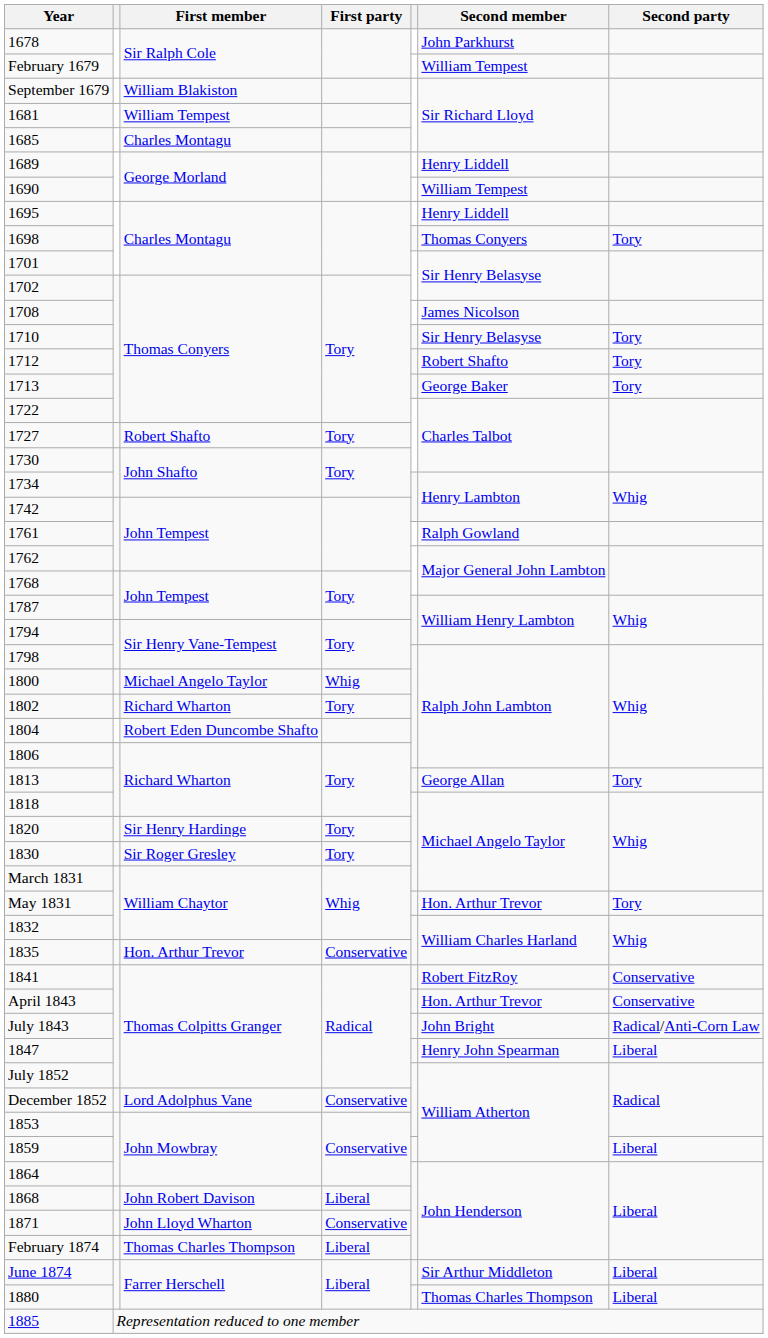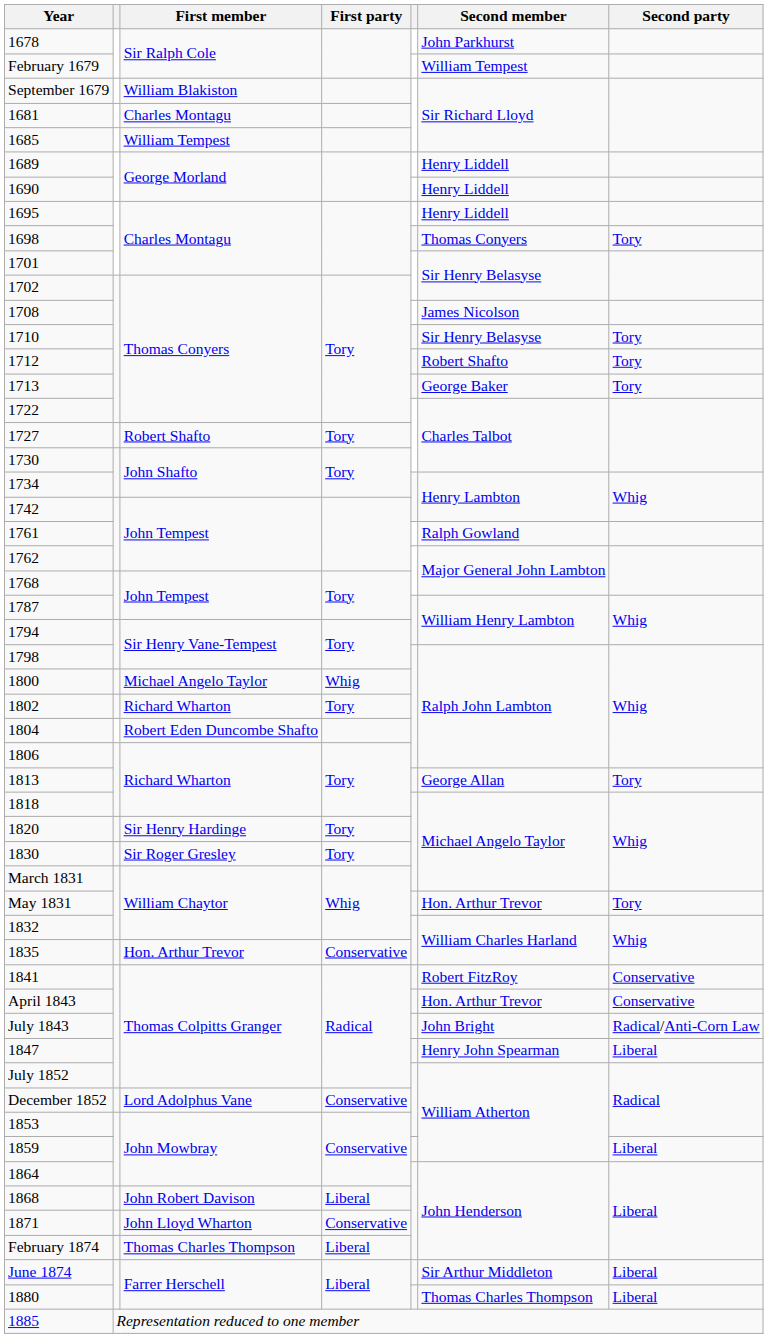 <table class="wikitable">
 <tr>
 <th>Year</th>
 <th></th>
 <th>First member</th>
 <th>First party</th>
 <th></th>
 <th>Second member</th>
 <th>Second party</th>
 </tr>
 <tr>
 <td>1678</td>
 <td rowspan="2" style="color:inherit;background-color: white"></td>
 <td rowspan="2"><a href='#'>Sir Ralph Cole</a></td>
 <td rowspan="2"></td>
 <td style="color:inherit;background-color: white"></td>
 <td><a href='#'>John Parkhurst</a></td>
 <td></td>
 </tr>
 <tr>
 <td>February 1679</td>
 <td style="color:inherit;background-color: white"></td>
 <td><a href='#'>William Tempest</a></td>
 <td></td>
 </tr>
 <tr>
 <td>September 1679</td>
 <td style="color:inherit;background-color: white"></td>
 <td><a href='#'>William Blakiston</a></td>
 <td></td>
 <td rowspan="3" style="color:inherit;background-color: white"></td>
 <td rowspan="3"><a href='#'>Sir Richard Lloyd</a></td>
 <td rowspan="3"></td>
 </tr>
 <tr>
 <td>1681</td>
 <td style="color:inherit;background-color: white"></td>
-<td><a href='#'>William Tempest</a></td>
+<td><a href='#'>Charles Montagu</a></td>
 <td></td>
 </tr>
 <tr>
 <td>1685</td>
 <td style="color:inherit;background-color: white"></td>
-<td><a href='#'>Charles Montagu</a></td>
+<td><a href='#'>William Tempest</a></td>
 <td></td>
 </tr>
 <tr>
 <td>1689</td>
 <td rowspan="2" style="color:inherit;background-color: white"></td>
 <td rowspan="2"><a href='#'>George Morland</a></td>
 <td rowspan="2"></td>
 <td style="color:inherit;background-color: white"></td>
 <td><a href='#'>Henry Liddell</a></td>
 <td></td>
 </tr>
 <tr>
 <td>1690</td>
 <td style="color:inherit;background-color: white"></td>
-<td><a href='#'>William Tempest</a></td>
+<td><a href='#'>Henry Liddell</a></td>
 <td></td>
 </tr>
 <tr>
 <td>1695</td>
 <td rowspan="3" style="color:inherit;background-color: white"></td>
 <td rowspan="3"><a href='#'>Charles Montagu</a></td>
 <td rowspan="3"></td>
 <td style="color:inherit;background-color: white"></td>
 <td><a href='#'>Henry Liddell</a></td>
 <td></td>
 </tr>
 <tr>
 <td>1698</td>
 <td style="color:inherit;background-color: "></td>
 <td><a href='#'>Thomas Conyers</a></td>
 <td><a href='#'>Tory</a></td>
 </tr>
 <tr>
 <td>1701</td>
 <td rowspan="2" style="color:inherit;background-color: white"></td>
 <td rowspan="2"><a href='#'>Sir Henry Belasyse</a></td>
 <td rowspan="2"></td>
 </tr>
 <tr>
 <td>1702</td>
 <td rowspan="6" style="color:inherit;background-color: "></td>
 <td rowspan="6"><a href='#'>Thomas Conyers</a></td>
 <td rowspan="6"><a href='#'>Tory</a></td>
 </tr>
 <tr>
 <td>1708</td>
 <td style="color:inherit;background-color: white"></td>
 <td><a href='#'>James Nicolson</a></td>
 <td></td>
 </tr>
 <tr>
 <td>1710</td>
 <td style="color:inherit;background-color: "></td>
 <td><a href='#'>Sir Henry Belasyse</a></td>
 <td><a href='#'>Tory</a></td>
 </tr>
 <tr>
 <td>1712</td>
 <td style="color:inherit;background-color: "></td>
 <td><a href='#'>Robert Shafto</a></td>
 <td><a href='#'>Tory</a></td>
 </tr>
 <tr>
 <td>1713</td>
 <td style="color:inherit;background-color: "></td>
 <td><a href='#'>George Baker</a></td>
 <td><a href='#'>Tory</a></td>
 </tr>
 <tr>
 <td>1722</td>
 <td rowspan="3" style="color:inherit;background-color: white"></td>
 <td rowspan="3"><a href='#'>Charles Talbot</a></td>
 <td rowspan="3"></td>
 </tr>
 <tr>
 <td>1727</td>
 <td style="color:inherit;background-color: "></td>
 <td><a href='#'>Robert Shafto</a></td>
 <td><a href='#'>Tory</a></td>
 </tr>
 <tr>
 <td>1730</td>
 <td rowspan="2" style="color:inherit;background-color: "></td>
 <td rowspan="2"><a href='#'>John Shafto</a></td>
 <td rowspan="2"><a href='#'>Tory</a></td>
 </tr>
 <tr>
 <td>1734</td>
 <td rowspan="2" style="color:inherit;background-color: "></td>
 <td rowspan="2"><a href='#'>Henry Lambton</a></td>
 <td rowspan="2"><a href='#'>Whig</a></td>
 </tr>
 <tr>
 <td>1742</td>
 <td rowspan="3" style="color:inherit;background-color: "></td>
 <td rowspan="3"><a href='#'>John Tempest</a></td>
 <td rowspan="3"></td>
 </tr>
 <tr>
 <td>1761</td>
 <td style="color:inherit;background-color: white"></td>
 <td><a href='#'>Ralph Gowland</a></td>
 <td></td>
 </tr>
 <tr>
 <td>1762</td>
 <td rowspan="2" style="color:inherit;background-color: white"></td>
 <td rowspan="2"><a href='#'>Major General John Lambton</a></td>
 <td rowspan="2"></td>
 </tr>
 <tr>
 <td>1768</td>
 <td rowspan="2" style="color:inherit;background-color: "></td>
 <td rowspan="2"><a href='#'>John Tempest</a></td>
 <td rowspan="2"><a href='#'>Tory</a></td>
 </tr>
 <tr>
 <td>1787</td>
 <td rowspan="2" style="color:inherit;background-color: "></td>
 <td rowspan="2"><a href='#'>William Henry Lambton</a></td>
 <td rowspan="2"><a href='#'>Whig</a></td>
 </tr>
 <tr>
 <td>1794</td>
 <td rowspan="2" style="color:inherit;background-color: "></td>
 <td rowspan="2"><a href='#'>Sir Henry Vane-Tempest</a></td>
 <td rowspan="2"><a href='#'>Tory</a></td>
 </tr>
 <tr>
 <td>1798</td>
 <td rowspan="5" style="color:inherit;background-color: "></td>
 <td rowspan="5"><a href='#'>Ralph John Lambton</a></td>
 <td rowspan="5"><a href='#'>Whig</a></td>
 </tr>
 <tr>
 <td>1800</td>
 <td style="color:inherit;background-color: "></td>
 <td><a href='#'>Michael Angelo Taylor</a></td>
 <td><a href='#'>Whig</a></td>
 </tr>
 <tr>
 <td>1802</td>
 <td style="color:inherit;background-color: "></td>
 <td><a href='#'>Richard Wharton</a></td>
 <td><a href='#'>Tory</a></td>
 </tr>
 <tr>
 <td>1804</td>
 <td style="color:inherit;background-color: white"></td>
 <td><a href='#'>Robert Eden Duncombe Shafto</a></td>
 <td></td>
 </tr>
 <tr>
 <td>1806</td>
 <td rowspan="3" style="color:inherit;background-color: "></td>
 <td rowspan="3"><a href='#'>Richard Wharton</a></td>
 <td rowspan="3"><a href='#'>Tory</a></td>
 </tr>
 <tr>
 <td>1813</td>
 <td style="color:inherit;background-color: "></td>
 <td><a href='#'>George Allan</a></td>
 <td><a href='#'>Tory</a></td>
 </tr>
 <tr>
 <td>1818</td>
 <td rowspan="4" style="color:inherit;background-color: "></td>
 <td rowspan="4"><a href='#'>Michael Angelo Taylor</a></td>
 <td rowspan="4"><a href='#'>Whig</a></td>
 </tr>
 <tr>
 <td>1820</td>
 <td style="color:inherit;background-color: "></td>
 <td><a href='#'>Sir Henry Hardinge</a></td>
 <td><a href='#'>Tory</a></td>
 </tr>
 <tr>
 <td>1830</td>
 <td style="color:inherit;background-color: "></td>
 <td><a href='#'>Sir Roger Gresley</a></td>
 <td><a href='#'>Tory</a></td>
 </tr>
 <tr>
 <td>March 1831</td>
 <td rowspan="3" style="color:inherit;background-color: "></td>
 <td rowspan="3"><a href='#'>William Chaytor</a></td>
 <td rowspan="3"><a href='#'>Whig</a></td>
 </tr>
 <tr>
 <td>May 1831</td>
 <td style="color:inherit;background-color: "></td>
 <td><a href='#'>Hon. Arthur Trevor</a></td>
 <td><a href='#'>Tory</a></td>
 </tr>
 <tr>
 <td>1832</td>
 <td rowspan="2" style="color:inherit;background-color: "></td>
 <td rowspan="2"><a href='#'>William Charles Harland</a></td>
 <td rowspan="2"><a href='#'>Whig</a></td>
 </tr>
 <tr>
 <td>1835</td>
 <td style="color:inherit;background-color: "></td>
 <td><a href='#'>Hon. Arthur Trevor</a></td>
 <td><a href='#'>Conservative</a></td>
 </tr>
 <tr>
 <td>1841</td>
 <td rowspan="5" style="color:inherit;background-color: "></td>
 <td rowspan="5"><a href='#'>Thomas Colpitts Granger</a></td>
 <td rowspan="5"><a href='#'>Radical</a></td>
 <td style="color:inherit;background-color: "></td>
 <td><a href='#'>Robert FitzRoy</a></td>
 <td><a href='#'>Conservative</a></td>
 </tr>
 <tr>
 <td>April 1843</td>
 <td style="color:inherit;background-color: "></td>
 <td><a href='#'>Hon. Arthur Trevor</a></td>
 <td><a href='#'>Conservative</a></td>
 </tr>
 <tr>
 <td>July 1843</td>
 <td style="color:inherit;background-color: "></td>
 <td><a href='#'>John Bright</a></td>
 <td><a href='#'>Radical</a>/<a href='#'>Anti-Corn Law</a></td>
 </tr>
 <tr>
 <td>1847</td>
 <td style="color:inherit;background-color: "></td>
 <td><a href='#'>Henry John Spearman</a></td>
 <td><a href='#'>Liberal</a></td>
 </tr>
 <tr>
 <td>July 1852</td>
 <td rowspan="3" style="color:inherit;background-color: "></td>
 <td rowspan="4"><a href='#'>William Atherton</a></td>
 <td rowspan="3"><a href='#'>Radical</a></td>
 </tr>
 <tr>
 <td>December 1852</td>
 <td style="color:inherit;background-color: "></td>
 <td><a href='#'>Lord Adolphus Vane</a></td>
 <td><a href='#'>Conservative</a></td>
 </tr>
 <tr>
 <td>1853</td>
 <td rowspan="3" style="color:inherit;background-color: "></td>
 <td rowspan="3"><a href='#'>John Mowbray</a></td>
 <td rowspan="3"><a href='#'>Conservative</a></td>
 </tr>
 <tr>
 <td>1859</td>
 <td style="color:inherit;background-color: "></td>
 <td><a href='#'>Liberal</a></td>
 </tr>
 <tr>
 <td>1864</td>
 <td rowspan="4" style="color:inherit;background-color: "></td>
 <td rowspan="4"><a href='#'>John Henderson</a></td>
 <td rowspan="4"><a href='#'>Liberal</a></td>
 </tr>
 <tr>
 <td>1868</td>
 <td style="color:inherit;background-color: "></td>
 <td><a href='#'>John Robert Davison</a></td>
 <td><a href='#'>Liberal</a></td>
 </tr>
 <tr>
 <td>1871</td>
 <td style="color:inherit;background-color: "></td>
 <td><a href='#'>John Lloyd Wharton</a></td>
 <td><a href='#'>Conservative</a></td>
 </tr>
 <tr>
 <td>February 1874</td>
 <td style="color:inherit;background-color: "></td>
 <td><a href='#'>Thomas Charles Thompson</a></td>
 <td><a href='#'>Liberal</a></td>
 </tr>
 <tr>
 <td><a href='#'>June 1874</a></td>
 <td rowspan="2" style="color:inherit;background-color: "></td>
 <td rowspan="2"><a href='#'>Farrer Herschell</a></td>
 <td rowspan="2"><a href='#'>Liberal</a></td>
 <td style="color:inherit;background-color: "></td>
 <td><a href='#'>Sir Arthur Middleton</a></td>
 <td><a href='#'>Liberal</a></td>
 </tr>
 <tr>
 <td>1880</td>
 <td style="color:inherit;background-color: "></td>
 <td><a href='#'>Thomas Charles Thompson</a></td>
 <td><a href='#'>Liberal</a></td>
 </tr>
 <tr>
 <td><a href='#'>1885</a></td>
 <td colspan="6"><em>Representation reduced to one member</em></td>
 </tr>
 </table>
